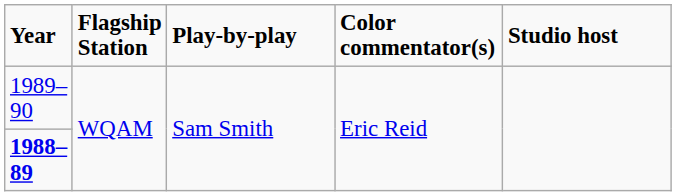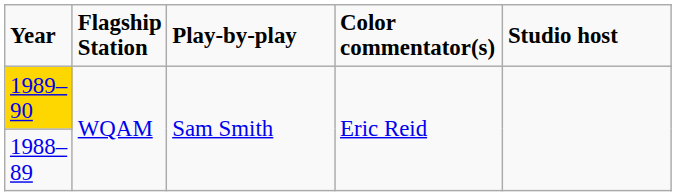 <table class="wikitable">
 <tr>
 <td width="40"><strong>Year</strong></td>
 <td width="40"><strong>Flagship Station</strong></td>
 <td width="110"><strong>Play-by-play</strong></td>
 <td width="110"><strong>Color commentator(s)</strong></td>
 <td width="110"><strong>Studio host</strong></td>
 </tr>
 <tr>
-<td><a href='#'>1989–90</a></td>
+<td style="background: gold;"><a href='#'>1989–90</a></td>
 <td rowspan=2><a href='#'>WQAM</a></td>
 <td rowspan=2><a href='#'>Sam Smith</a></td>
 <td rowspan=2><a href='#'>Eric Reid</a></td>
 <td rowspan=2></td>
 </tr>
 <tr>
-<td><strong><a href='#'>1988–89</a></strong></td>
+<td><a href='#'>1988–89</a></td>
 </tr>
 </table>
